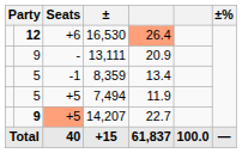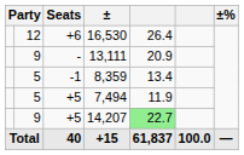 <table class=wikitable>
 <tr>
 <th colspan=2 align=center>Party</th>
 <th>Seats</th>
 <th>±</th>
 <th></th>
 <th></th>
 <th>±%</th>
 </tr>
 <tr>
 <td></td>
-<td align=right><strong>12</strong></td>
+<td align=right>12</td>
 <td align=right>+6</td>
 <td align=right>16,530</td>
-<td align=right style="background: lightsalmon;">26.4</td>
+<td align=right>26.4</td>
 <td align=right></td>
 </tr>
 <tr>
 <td></td>
 <td align=right>9</td>
 <td align=right>-</td>
 <td align=right>13,111</td>
 <td align=right>20.9</td>
 <td align=right></td>
 </tr>
 <tr>
 <td></td>
 <td align=right>5</td>
 <td align=right>-1</td>
 <td align=right>8,359</td>
 <td align=right>13.4</td>
 <td align=right></td>
 </tr>
 <tr>
 <td></td>
 <td align=right>5</td>
 <td align=right>+5</td>
 <td align=right>7,494</td>
 <td align=right>11.9</td>
 <td align=right></td>
 </tr>
 <tr>
 <td></td>
-<td align=right><strong>9</strong></td>
-<td align=right style="background: lightsalmon;">+5</td>
+<td align=right>9</td>
+<td align=right>+5</td>
 <td align=right>14,207</td>
-<td align=right>22.7</td>
+<td align=right style="background: lightgreen;">22.7</td>
 <td align=right></td>
 </tr>
 <tr style="font-weight:bold; background:rgb(232,232,232);">
 <td colspan=2 align=center>Total</td>
 <td align=right>40</td>
 <td align=center>+15</td>
 <td align=right>61,837</td>
 <td align=center>100.0</td>
 <td align=center>—</td>
 </tr>
 </table>
